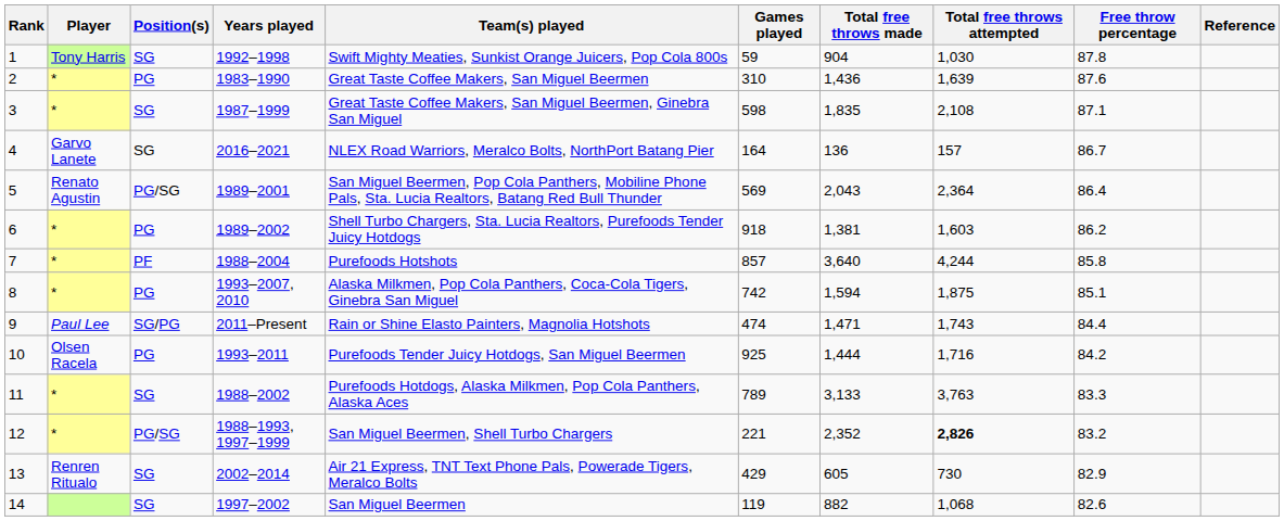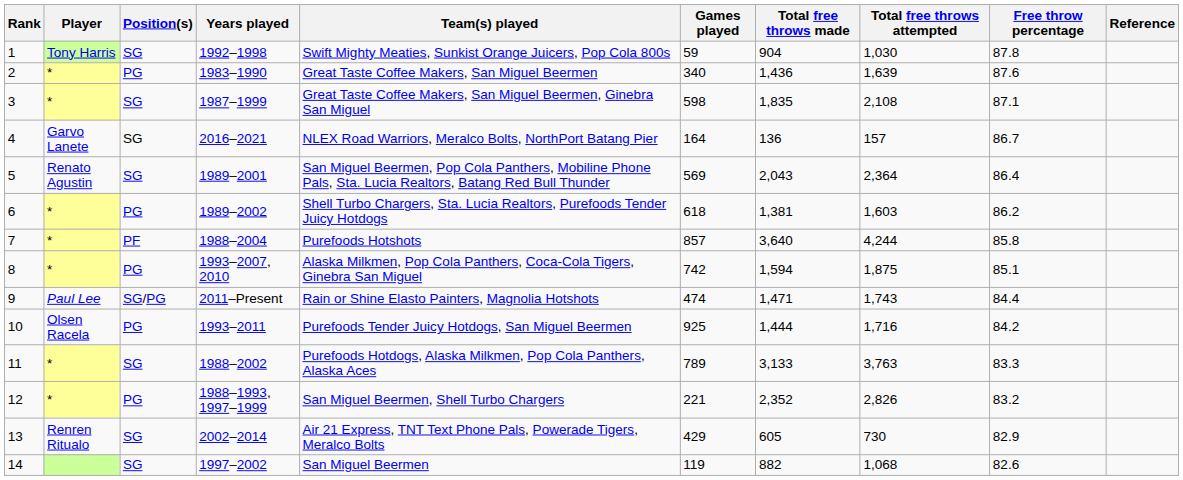 <table class="wikitable sortable" style="font-size: 90%;">
 <tr>
 <th>Rank</th>
 <th>Player</th>
 <th><a href='#'>Position</a>(s)</th>
 <th>Years played</th>
 <th class="unsortable">Team(s) played</th>
 <th>Games played</th>
 <th>Total <a href='#'>free throws</a> made</th>
 <th>Total <a href='#'>free throws</a> attempted</th>
 <th><a href='#'>Free throw</a> percentage</th>
 <th>Reference</th>
 </tr>
 <tr>
 <td>1</td>
 <td style="background:#CCFF99;"><a href='#'>Tony Harris</a></td>
 <td><a href='#'>SG</a></td>
 <td><a href='#'>1992</a>–<a href='#'>1998</a></td>
 <td><a href='#'>Swift Mighty Meaties</a>, <a href='#'>Sunkist Orange Juicers</a>, <a href='#'>Pop Cola 800s</a></td>
 <td>59</td>
 <td>904</td>
 <td>1,030</td>
 <td>87.8</td>
 <td></td>
 </tr>
 <tr>
 <td>2</td>
 <td bgcolor="#FFFF99">*</td>
 <td><a href='#'>PG</a></td>
 <td><a href='#'>1983</a>–<a href='#'>1990</a></td>
 <td><a href='#'>Great Taste Coffee Makers</a>, <a href='#'>San Miguel Beermen</a></td>
-<td>310</td>
+<td>340</td>
 <td>1,436</td>
 <td>1,639</td>
 <td>87.6</td>
 <td></td>
 </tr>
 <tr>
 <td>3</td>
 <td bgcolor="#FFFF99">*</td>
 <td><a href='#'>SG</a></td>
 <td><a href='#'>1987</a>–<a href='#'>1999</a></td>
 <td><a href='#'>Great Taste Coffee Makers</a>, <a href='#'>San Miguel Beermen</a>, <a href='#'>Ginebra San Miguel</a></td>
 <td>598</td>
 <td>1,835</td>
 <td>2,108</td>
 <td>87.1</td>
 <td></td>
 </tr>
 <tr>
 <td>4</td>
 <td><a href='#'>Garvo Lanete</a></td>
 <td>SG</td>
 <td><a href='#'>2016</a>–<a href='#'>2021</a></td>
 <td><a href='#'>NLEX Road Warriors</a>, <a href='#'>Meralco Bolts</a>, <a href='#'>NorthPort Batang Pier</a></td>
 <td>164</td>
 <td>136</td>
 <td>157</td>
 <td>86.7</td>
 <td></td>
 </tr>
 <tr>
 <td>5</td>
 <td><a href='#'>Renato Agustin</a></td>
-<td><a href='#'>PG</a>/SG</td>
+<td><a href='#'>SG</a></td>
 <td><a href='#'>1989</a>–<a href='#'>2001</a></td>
 <td><a href='#'>San Miguel Beermen</a>, <a href='#'>Pop Cola Panthers</a>, <a href='#'>Mobiline Phone Pals</a>, <a href='#'>Sta. Lucia Realtors</a>, <a href='#'>Batang Red Bull Thunder</a></td>
 <td>569</td>
 <td>2,043</td>
 <td>2,364</td>
 <td>86.4</td>
 <td></td>
 </tr>
 <tr>
 <td>6</td>
 <td bgcolor="#FFFF99">*</td>
 <td><a href='#'>PG</a></td>
 <td><a href='#'>1989</a>–<a href='#'>2002</a></td>
 <td><a href='#'>Shell Turbo Chargers</a>, <a href='#'>Sta. Lucia Realtors</a>, <a href='#'>Purefoods Tender Juicy Hotdogs</a></td>
-<td>918</td>
+<td>618</td>
 <td>1,381</td>
 <td>1,603</td>
 <td>86.2</td>
 <td></td>
 </tr>
 <tr>
 <td>7</td>
 <td bgcolor="#FFFF99">*</td>
 <td><a href='#'>PF</a></td>
 <td><a href='#'>1988</a>–<a href='#'>2004</a></td>
 <td><a href='#'>Purefoods Hotshots</a></td>
 <td>857</td>
 <td>3,640</td>
 <td>4,244</td>
 <td>85.8</td>
 <td></td>
 </tr>
 <tr>
 <td>8</td>
 <td bgcolor="#FFFF99">*</td>
 <td><a href='#'>PG</a></td>
 <td><a href='#'>1993</a>–<a href='#'>2007</a>, <a href='#'>2010</a></td>
 <td><a href='#'>Alaska Milkmen</a>, <a href='#'>Pop Cola Panthers</a>, <a href='#'>Coca-Cola Tigers</a>, <a href='#'>Ginebra San Miguel</a></td>
 <td>742</td>
 <td>1,594</td>
 <td>1,875</td>
 <td>85.1</td>
 <td></td>
 </tr>
 <tr>
 <td>9</td>
 <td><em><a href='#'>Paul Lee</a></em></td>
 <td><a href='#'>SG</a>/<a href='#'>PG</a></td>
 <td><a href='#'>2011</a>–Present</td>
 <td><a href='#'>Rain or Shine Elasto Painters</a>, <a href='#'>Magnolia Hotshots</a></td>
 <td>474</td>
 <td>1,471</td>
 <td>1,743</td>
 <td>84.4</td>
 </tr>
 <tr>
 <td>10</td>
 <td><a href='#'>Olsen Racela</a></td>
 <td><a href='#'>PG</a></td>
 <td><a href='#'>1993</a>–<a href='#'>2011</a></td>
 <td><a href='#'>Purefoods Tender Juicy Hotdogs</a>, <a href='#'>San Miguel Beermen</a></td>
 <td>925</td>
 <td>1,444</td>
 <td>1,716</td>
 <td>84.2</td>
 <td></td>
 </tr>
 <tr>
 <td>11</td>
 <td bgcolor="#FFFF99">*</td>
 <td><a href='#'>SG</a></td>
 <td><a href='#'>1988</a>–<a href='#'>2002</a></td>
 <td><a href='#'>Purefoods Hotdogs</a>, <a href='#'>Alaska Milkmen</a>, <a href='#'>Pop Cola Panthers</a>, <a href='#'>Alaska Aces</a></td>
 <td>789</td>
 <td>3,133</td>
 <td>3,763</td>
 <td>83.3</td>
 <td></td>
 </tr>
 <tr>
 <td>12</td>
 <td bgcolor="#FFFF99">*</td>
-<td><a href='#'>PG</a>/<a href='#'>SG</a></td>
+<td><a href='#'>PG</a></td>
 <td><a href='#'>1988</a>–<a href='#'>1993</a>, <a href='#'>1997</a>–<a href='#'>1999</a></td>
 <td><a href='#'>San Miguel Beermen</a>, <a href='#'>Shell Turbo Chargers</a></td>
 <td>221</td>
 <td>2,352</td>
-<td><strong>2,826</strong></td>
+<td>2,826</td>
 <td>83.2</td>
 <td></td>
 </tr>
 <tr>
 <td>13</td>
 <td><a href='#'>Renren Ritualo</a></td>
 <td><a href='#'>SG</a></td>
 <td><a href='#'>2002</a>–<a href='#'>2014</a></td>
 <td><a href='#'>Air 21 Express</a>, <a href='#'>TNT Text Phone Pals</a>, <a href='#'>Powerade Tigers</a>, <a href='#'>Meralco Bolts</a></td>
 <td>429</td>
 <td>605</td>
 <td>730</td>
 <td>82.9</td>
 <td></td>
 </tr>
 <tr>
 <td>14</td>
 <td style="background:#CCFF99"></td>
 <td><a href='#'>SG</a></td>
 <td><a href='#'>1997</a>–<a href='#'>2002</a></td>
 <td><a href='#'>San Miguel Beermen</a></td>
 <td>119</td>
 <td>882</td>
 <td>1,068</td>
 <td>82.6</td>
 <td></td>
 </tr>
 </table>
